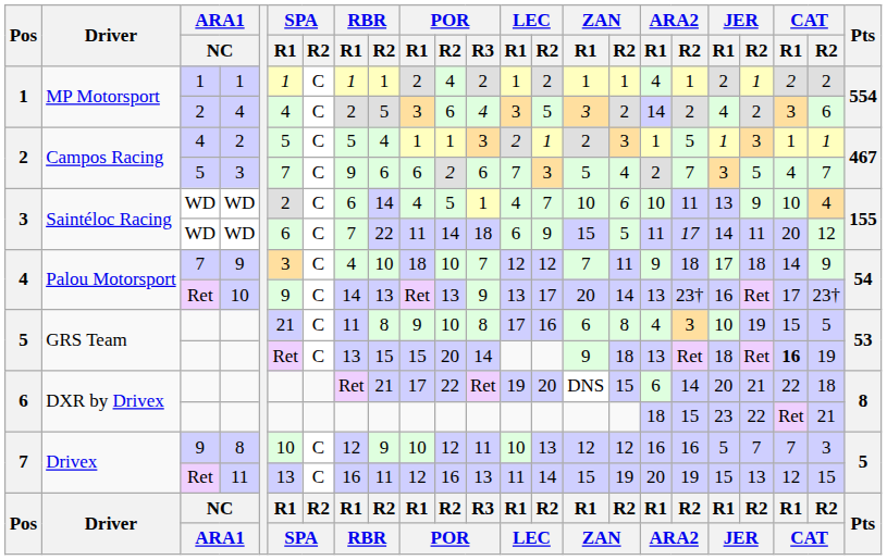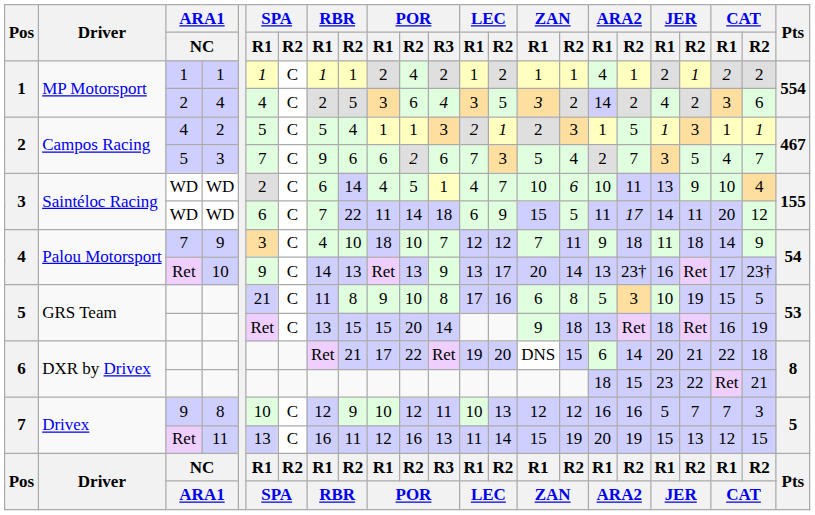 <table class="wikitable" style="font-size:85%; text-align:center">
 <tr>
 <th rowspan="2">Pos</th>
 <th rowspan="2">Driver</th>
 <th colspan="2"><a href='#'>ARA1</a><br></th>
 <th rowspan="18"></th>
 <th colspan="2"><a href='#'>SPA</a><br></th>
 <th colspan="2"><a href='#'>RBR</a><br></th>
 <th colspan="3"><a href='#'>POR</a><br></th>
 <th colspan="2"><a href='#'>LEC</a><br></th>
 <th colspan="2"><a href='#'>ZAN</a><br></th>
 <th colspan="2"><a href='#'>ARA2</a><br></th>
 <th colspan="2"><a href='#'>JER</a><br></th>
 <th colspan="2"><a href='#'>CAT</a><br></th>
 <th rowspan="2">Pts</th>
 </tr>
 <tr>
 <th colspan="2">NC</th>
 <th>R1</th>
 <th>R2</th>
 <th>R1</th>
 <th>R2</th>
 <th>R1</th>
 <th>R2</th>
 <th>R3</th>
 <th>R1</th>
 <th>R2</th>
 <th>R1</th>
 <th>R2</th>
 <th>R1</th>
 <th>R2</th>
 <th>R1</th>
 <th>R2</th>
 <th>R1</th>
 <th>R2</th>
 </tr>
 <tr>
 <th rowspan="2">1</th>
 <td rowspan="2" align="left"> <a href='#'>MP Motorsport</a></td>
 <td style="background:#CFCFFF">1</td>
 <td style="background:#CFCFFF">1</td>
 <td style="background:#FFFFBF"><em>1</em></td>
 <td style="background:#FFFFFF">C</td>
 <td style="background:#FFFFBF"><em>1</em></td>
 <td style="background:#FFFFBF">1</td>
 <td style="background:#DFDFDF">2</td>
 <td style="background:#DFFFDF">4</td>
 <td style="background:#DFDFDF">2</td>
 <td style="background:#FFFFBF">1</td>
 <td style="background:#DFDFDF">2</td>
 <td style="background:#FFFFBF">1</td>
 <td style="background:#FFFFBF">1</td>
 <td style="background:#DFFFDF">4</td>
 <td style="background:#FFFFBF">1</td>
 <td style="background:#DFDFDF">2</td>
 <td style="background:#FFFFBF"><em>1</em></td>
 <td style="background:#DFDFDF"><em>2</em></td>
 <td style="background:#DFDFDF">2</td>
 <th rowspan="2">554</th>
 </tr>
 <tr>
 <td style="background:#CFCFFF">2</td>
 <td style="background:#CFCFFF">4</td>
 <td style="background:#DFFFDF">4</td>
 <td style="background:#FFFFFF">C</td>
 <td style="background:#DFDFDF">2</td>
 <td style="background:#DFDFDF">5</td>
 <td style="background:#FFDF9F">3</td>
 <td style="background:#DFFFDF">6</td>
 <td style="background:#DFFFDF"><em>4</em></td>
 <td style="background:#FFDF9F">3</td>
 <td style="background:#DFFFDF">5</td>
 <td style="background:#FFDF9F"><em>3</em></td>
 <td style="background:#DFDFDF">2</td>
 <td style="background:#CFCFFF">14</td>
 <td style="background:#DFDFDF">2</td>
 <td style="background:#DFFFDF">4</td>
 <td style="background:#DFDFDF">2</td>
 <td style="background:#FFDF9F">3</td>
 <td style="background:#DFFFDF">6</td>
 </tr>
 <tr>
 <th rowspan="2">2</th>
 <td rowspan="2" align="left"> <a href='#'>Campos Racing</a></td>
 <td style="background:#CFCFFF">4</td>
 <td style="background:#CFCFFF">2</td>
 <td style="background:#DFFFDF">5</td>
 <td style="background:#FFFFFF">C</td>
 <td style="background:#DFFFDF">5</td>
 <td style="background:#DFFFDF">4</td>
 <td style="background:#FFFFBF">1</td>
 <td style="background:#FFFFBF">1</td>
 <td style="background:#FFDF9F">3</td>
 <td style="background:#DFDFDF"><em>2</em></td>
 <td style="background:#FFFFBF"><em>1</em></td>
 <td style="background:#DFDFDF">2</td>
 <td style="background:#FFDF9F">3</td>
 <td style="background:#FFFFBF">1</td>
 <td style="background:#DFFFDF">5</td>
 <td style="background:#FFFFBF"><em>1</em></td>
 <td style="background:#FFDF9F">3</td>
 <td style="background:#FFFFBF">1</td>
 <td style="background:#FFFFBF"><em>1</em></td>
 <th rowspan="2">467</th>
 </tr>
 <tr>
 <td style="background:#CFCFFF">5</td>
 <td style="background:#CFCFFF">3</td>
 <td style="background:#DFFFDF">7</td>
 <td style="background:#FFFFFF">C</td>
 <td style="background:#DFFFDF">9</td>
 <td style="background:#DFFFDF">6</td>
 <td style="background:#DFFFDF">6</td>
 <td style="background:#DFDFDF"><em>2</em></td>
 <td style="background:#DFFFDF">6</td>
 <td style="background:#DFFFDF">7</td>
 <td style="background:#FFDF9F">3</td>
 <td style="background:#DFFFDF">5</td>
 <td style="background:#DFFFDF">4</td>
 <td style="background:#DFDFDF">2</td>
 <td style="background:#DFFFDF">7</td>
 <td style="background:#FFDF9F">3</td>
 <td style="background:#DFFFDF">5</td>
 <td style="background:#DFFFDF">4</td>
 <td style="background:#DFFFDF">7</td>
 </tr>
 <tr>
 <th rowspan="2">3</th>
 <td rowspan="2" align="left"> <a href='#'>Saintéloc Racing</a></td>
 <td style="background:#FFFFFF">WD</td>
 <td style="background:#FFFFFF">WD</td>
 <td style="background:#DFDFDF">2</td>
 <td style="background:#FFFFFF">C</td>
 <td style="background:#DFFFDF">6</td>
 <td style="background:#CFCFFF">14</td>
 <td style="background:#DFFFDF">4</td>
 <td style="background:#DFFFDF">5</td>
 <td style="background:#FFFFBF">1</td>
 <td style="background:#DFFFDF">4</td>
 <td style="background:#DFFFDF">7</td>
 <td style="background:#DFFFDF">10</td>
 <td style="background:#DFFFDF"><em>6</em></td>
 <td style="background:#DFFFDF">10</td>
 <td style="background:#CFCFFF">11</td>
 <td style="background:#CFCFFF">13</td>
 <td style="background:#DFFFDF">9</td>
 <td style="background:#DFFFDF">10</td>
 <td style="background:#FFDF9F">4</td>
 <th rowspan="2">155</th>
 </tr>
 <tr>
 <td style="background:#FFFFFF">WD</td>
 <td style="background:#FFFFFF">WD</td>
 <td style="background:#DFFFDF">6</td>
 <td style="background:#FFFFFF">C</td>
 <td style="background:#DFFFDF">7</td>
 <td style="background:#CFCFFF">22</td>
 <td style="background:#CFCFFF">11</td>
 <td style="background:#CFCFFF">14</td>
 <td style="background:#CFCFFF">18</td>
 <td style="background:#DFFFDF">6</td>
 <td style="background:#DFFFDF">9</td>
 <td style="background:#CFCFFF">15</td>
 <td style="background:#DFFFDF">5</td>
 <td style="background:#CFCFFF">11</td>
 <td style="background:#CFCFFF"><em>17</em></td>
 <td style="background:#CFCFFF">14</td>
 <td style="background:#CFCFFF">11</td>
 <td style="background:#CFCFFF">20</td>
 <td style="background:#DFFFDF">12</td>
 </tr>
 <tr>
 <th rowspan="2">4</th>
 <td rowspan="2" align="left" nowrap> <a href='#'>Palou Motorsport</a></td>
 <td style="background:#CFCFFF">7</td>
 <td style="background:#CFCFFF">9</td>
 <td style="background:#FFDF9F">3</td>
 <td style="background:#FFFFFF">C</td>
 <td style="background:#DFFFDF">4</td>
 <td style="background:#DFFFDF">10</td>
 <td style="background:#CFCFFF">18</td>
 <td style="background:#DFFFDF">10</td>
 <td style="background:#DFFFDF">7</td>
 <td style="background:#CFCFFF">12</td>
 <td style="background:#CFCFFF">12</td>
 <td style="background:#DFFFDF">7</td>
 <td style="background:#CFCFFF">11</td>
 <td style="background:#DFFFDF">9</td>
 <td style="background:#CFCFFF">18</td>
-<td style="background:#DFFFDF">17</td>
+<td style="background:#DFFFDF">11</td>
 <td style="background:#CFCFFF">18</td>
 <td style="background:#CFCFFF">14</td>
 <td style="background:#DFFFDF">9</td>
 <th rowspan="2">54</th>
 </tr>
 <tr>
 <td style="background:#EFCFFF">Ret</td>
 <td style="background:#CFCFFF">10</td>
 <td style="background:#DFFFDF">9</td>
 <td style="background:#FFFFFF">C</td>
 <td style="background:#CFCFFF">14</td>
 <td style="background:#CFCFFF">13</td>
 <td style="background:#EFCFFF">Ret</td>
 <td style="background:#CFCFFF">13</td>
 <td style="background:#DFFFDF">9</td>
 <td style="background:#CFCFFF">13</td>
 <td style="background:#CFCFFF">17</td>
 <td style="background:#CFCFFF">20</td>
 <td style="background:#CFCFFF">14</td>
 <td style="background:#CFCFFF">13</td>
 <td style="background:#CFCFFF">23†</td>
 <td style="background:#CFCFFF">16</td>
 <td style="background:#EFCFFF">Ret</td>
 <td style="background:#CFCFFF">17</td>
 <td style="background:#CFCFFF">23†</td>
 </tr>
 <tr>
 <th rowspan="2">5</th>
 <td rowspan="2"  align="left"> GRS Team</td>
 <td></td>
 <td></td>
 <td style="background:#CFCFFF">21</td>
 <td style="background:#FFFFFF">C</td>
 <td style="background:#CFCFFF">11</td>
 <td style="background:#DFFFDF">8</td>
 <td style="background:#DFFFDF">9</td>
 <td style="background:#DFFFDF">10</td>
 <td style="background:#DFFFDF">8</td>
 <td style="background:#CFCFFF">17</td>
 <td style="background:#CFCFFF">16</td>
 <td style="background:#DFFFDF">6</td>
 <td style="background:#DFFFDF">8</td>
-<td style="background:#DFFFDF">4</td>
+<td style="background:#DFFFDF">5</td>
 <td style="background:#FFDF9F">3</td>
 <td style="background:#DFFFDF">10</td>
 <td style="background:#CFCFFF">19</td>
 <td style="background:#CFCFFF">15</td>
 <td style="background:#CFCFFF">5</td>
 <th rowspan="2">53</th>
 </tr>
 <tr>
 <td></td>
 <td></td>
 <td style="background:#EFCFFF">Ret</td>
 <td style="background:#FFFFFF">C</td>
 <td style="background:#CFCFFF">13</td>
 <td style="background:#CFCFFF">15</td>
 <td style="background:#CFCFFF">15</td>
 <td style="background:#CFCFFF">20</td>
 <td style="background:#CFCFFF">14</td>
 <td></td>
 <td></td>
 <td style="background:#DFFFDF">9</td>
 <td style="background:#CFCFFF">18</td>
 <td style="background:#CFCFFF">13</td>
 <td style="background:#EFCFFF">Ret</td>
 <td style="background:#CFCFFF">18</td>
 <td style="background:#EFCFFF">Ret</td>
-<td style="background:#CFCFFF"><strong>16</strong></td>
+<td style="background:#CFCFFF">16</td>
 <td style="background:#CFCFFF">19</td>
 </tr>
 <tr>
 <th rowspan="2">6</th>
 <td rowspan="2" align="left"> DXR by <a href='#'>Drivex</a></td>
 <td></td>
 <td></td>
 <td></td>
 <td></td>
 <td style="background:#EFCFFF">Ret</td>
 <td style="background:#CFCFFF">21</td>
 <td style="background:#CFCFFF">17</td>
 <td style="background:#CFCFFF">22</td>
 <td style="background:#EFCFFF">Ret</td>
 <td style="background:#CFCFFF">19</td>
 <td style="background:#CFCFFF">20</td>
 <td style="background:#FFFFFF">DNS</td>
 <td style="background:#CFCFFF">15</td>
 <td style="background:#DFFFDF">6</td>
 <td style="background:#CFCFFF">14</td>
 <td style="background:#CFCFFF">20</td>
 <td style="background:#CFCFFF">21</td>
 <td style="background:#CFCFFF">22</td>
 <td style="background:#CFCFFF">18</td>
 <th rowspan="2">8</th>
 </tr>
 <tr>
 <td></td>
 <td></td>
 <td></td>
 <td></td>
 <td></td>
 <td></td>
 <td></td>
 <td></td>
 <td></td>
 <td></td>
 <td></td>
 <td></td>
 <td></td>
 <td style="background:#CFCFFF">18</td>
 <td style="background:#CFCFFF">15</td>
 <td style="background:#CFCFFF">23</td>
 <td style="background:#CFCFFF">22</td>
 <td style="background:#EFCFFF">Ret</td>
 <td style="background:#CFCFFF">21</td>
 </tr>
 <tr>
 <th rowspan="2">7</th>
 <td rowspan="2" align="left"> <a href='#'>Drivex</a></td>
 <td style="background:#CFCFFF">9</td>
 <td style="background:#CFCFFF">8</td>
 <td style="background:#DFFFDF">10</td>
 <td style="background:#FFFFFF">C</td>
 <td style="background:#CFCFFF">12</td>
 <td style="background:#DFFFDF">9</td>
 <td style="background:#DFFFDF">10</td>
 <td style="background:#CFCFFF">12</td>
 <td style="background:#CFCFFF">11</td>
 <td style="background:#DFFFDF">10</td>
 <td style="background:#CFCFFF">13</td>
 <td style="background:#CFCFFF">12</td>
 <td style="background:#CFCFFF">12</td>
 <td style="background:#CFCFFF">16</td>
 <td style="background:#CFCFFF">16</td>
 <td style="background:#CFCFFF">5</td>
 <td style="background:#CFCFFF">7</td>
 <td style="background:#CFCFFF">7</td>
 <td style="background:#CFCFFF">3</td>
 <th rowspan="2">5</th>
 </tr>
 <tr>
 <td style="background:#EFCFFF">Ret</td>
 <td style="background:#CFCFFF">11</td>
 <td style="background:#CFCFFF">13</td>
 <td style="background:#FFFFFF">C</td>
 <td style="background:#CFCFFF">16</td>
 <td style="background:#CFCFFF">11</td>
 <td style="background:#CFCFFF">12</td>
 <td style="background:#CFCFFF">16</td>
 <td style="background:#CFCFFF">13</td>
 <td style="background:#CFCFFF">11</td>
 <td style="background:#CFCFFF">14</td>
 <td style="background:#CFCFFF">15</td>
 <td style="background:#CFCFFF">19</td>
 <td style="background:#CFCFFF">20</td>
 <td style="background:#CFCFFF">19</td>
 <td style="background:#CFCFFF">15</td>
 <td style="background:#CFCFFF">13</td>
 <td style="background:#CFCFFF">12</td>
 <td style="background:#CFCFFF">15</td>
 </tr>
 <tr>
 <th rowspan="2">Pos</th>
 <th rowspan="2">Driver</th>
 <th colspan="2">NC</th>
 <th>R1</th>
 <th>R2</th>
 <th>R1</th>
 <th>R2</th>
 <th>R1</th>
 <th>R2</th>
 <th>R3</th>
 <th>R1</th>
 <th>R2</th>
 <th>R1</th>
 <th>R2</th>
 <th>R1</th>
 <th>R2</th>
 <th>R1</th>
 <th>R2</th>
 <th>R1</th>
 <th>R2</th>
 <th rowspan="2">Pts</th>
 </tr>
 <tr>
 <th colspan="2"><a href='#'>ARA1</a><br></th>
 <th colspan="2"><a href='#'>SPA</a><br></th>
 <th colspan="2"><a href='#'>RBR</a><br></th>
 <th colspan="3"><a href='#'>POR</a><br></th>
 <th colspan="2"><a href='#'>LEC</a><br></th>
 <th colspan="2"><a href='#'>ZAN</a><br></th>
 <th colspan="2"><a href='#'>ARA2</a><br></th>
 <th colspan="2"><a href='#'>JER</a><br></th>
 <th colspan="2"><a href='#'>CAT</a><br></th>
 </tr>
 </table>
